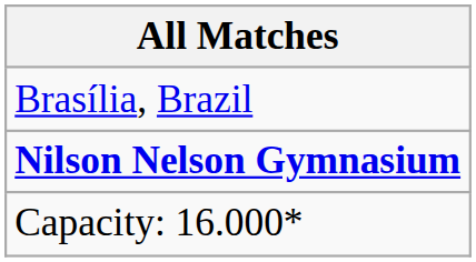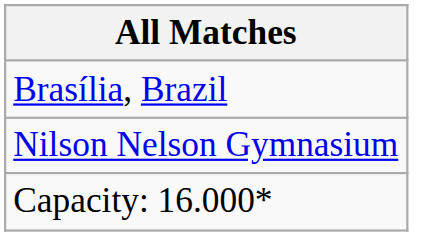 <table class="wikitable">
 <tr>
 <th>All Matches</th>
 </tr>
 <tr>
 <td> <a href='#'>Brasília</a>, <a href='#'>Brazil</a></td>
 </tr>
 <tr>
-<td><strong><a href='#'>Nilson Nelson Gymnasium</a></strong></td>
+<td><a href='#'>Nilson Nelson Gymnasium</a></td>
 </tr>
 <tr>
 <td>Capacity: 16.000*</td>
 </tr>
 </table>
